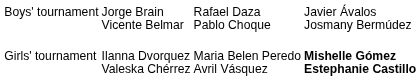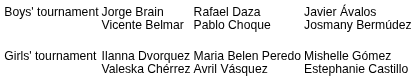 <table>
 <tr>
 <td>Boys' tournament</td>
 <td><br>Jorge Brain<br>Vicente Belmar</td>
 <td><br>Rafael Daza<br>Pablo Choque</td>
 <td><br>Javier Ávalos<br>Josmany Bermúdez</td>
 </tr>
 <tr>
 <td>Girls' tournament</td>
 <td><br>Ilanna Dvorquez<br>Valeska Chérrez</td>
 <td><br>Maria Belen Peredo<br>Avril Vásquez</td>
-<td><strong><br>Mishelle Gómez<br>Estephanie Castillo</strong></td>
+<td><br>Mishelle Gómez<br>Estephanie Castillo</td>
 </tr>
 </table>
